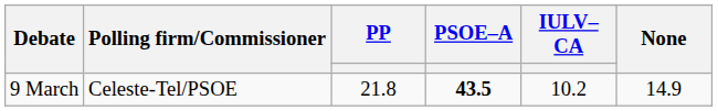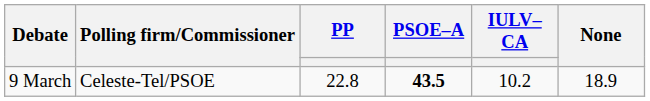 <table class="wikitable" style="font-size:90%; text-align:center;">
 <tr>
 <th rowspan="2">Debate</th>
 <th rowspan="2">Polling firm/Commissioner</th>
 <th style="width:60px;"><a href='#'>PP</a></th>
 <th style="width:60px;"><a href='#'>PSOE–A</a></th>
 <th style="width:60px;"><a href='#'>IULV–CA</a></th>
 <th style="width:60px;" rowspan="2">None</th>
 </tr>
 <tr>
 <th style="color:inherit;background:"></th>
 <th style="color:inherit;background:"></th>
 <th style="color:inherit;background:"></th>
 </tr>
 <tr>
 <td align="left">9 March</td>
 <td align="left">Celeste-Tel/PSOE</td>
-<td>21.8</td>
+<td>22.8</td>
 <td><strong>43.5</strong></td>
 <td>10.2</td>
-<td>14.9</td>
+<td>18.9</td>
 </tr>
 </table>
